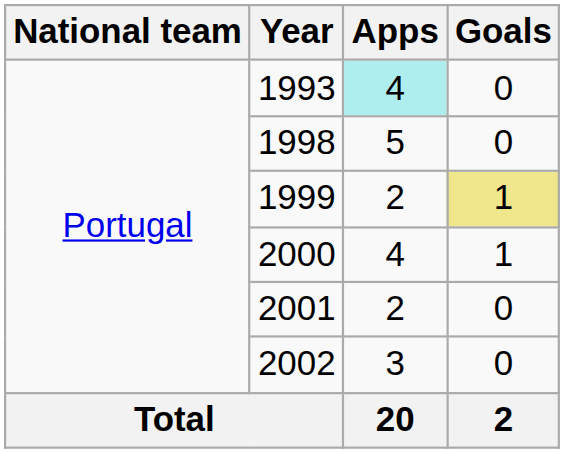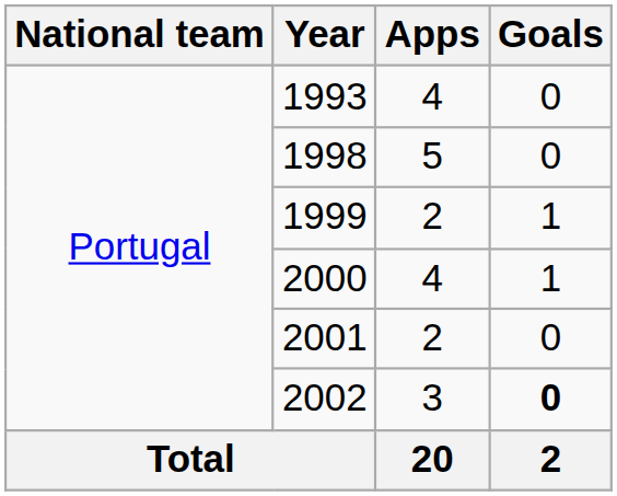 <table class="wikitable" style="text-align:center">
 <tr>
 <th>National team</th>
 <th>Year</th>
 <th>Apps</th>
 <th>Goals</th>
 </tr>
 <tr>
 <td rowspan="6"><a href='#'>Portugal</a></td>
 <td>1993</td>
-<td style="background: paleturquoise;">4</td>
+<td>4</td>
 <td>0</td>
 </tr>
 <tr>
 <td>1998</td>
 <td>5</td>
 <td>0</td>
 </tr>
 <tr>
 <td>1999</td>
 <td>2</td>
-<td style="background: khaki;">1</td>
+<td>1</td>
 </tr>
 <tr>
 <td>2000</td>
 <td>4</td>
 <td>1</td>
 </tr>
 <tr>
 <td>2001</td>
 <td>2</td>
 <td>0</td>
 </tr>
 <tr>
 <td>2002</td>
 <td>3</td>
-<td>0</td>
+<td><strong>0</strong></td>
 </tr>
 <tr>
 <th colspan="2">Total</th>
 <th>20</th>
 <th>2</th>
 </tr>
 </table>
